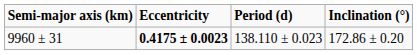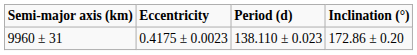 <table class="wikitable" style="font-size: 0.9em;">
 <tr style="font-weight:bold;">
 <td>Semi-major axis (km)</td>
 <td>Eccentricity</td>
 <td>Period (d)</td>
 <td>Inclination (°)</td>
 </tr>
 <tr>
 <td>9960 ± 31</td>
-<td><strong>0.4175 ± 0.0023</strong></td>
+<td>0.4175 ± 0.0023</td>
 <td>138.110 ± 0.023</td>
 <td>172.86 ± 0.20</td>
 </tr>
 </table>
